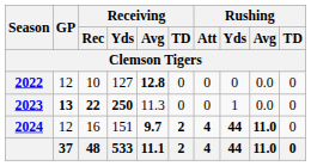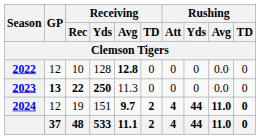 <table class="wikitable" style="text-align:center;">
 <tr>
 <th rowspan="2">Season</th>
 <th rowspan="2">GP</th>
 <th colspan="4">Receiving</th>
 <th colspan="4">Rushing</th>
 </tr>
 <tr>
 <th>Rec</th>
 <th>Yds</th>
 <th>Avg</th>
 <th>TD</th>
 <th>Att</th>
 <th>Yds</th>
 <th>Avg</th>
 <th>TD</th>
 </tr>
 <tr>
 <th colspan="11">Clemson Tigers</th>
 </tr>
 <tr>
 <th><a href='#'>2022</a></th>
 <td>12</td>
 <td>10</td>
-<td>127</td>
+<td>128</td>
 <td><strong>12.8</strong></td>
 <td>0</td>
 <td>0</td>
 <td>0</td>
 <td>0.0</td>
 <td>0</td>
 </tr>
 <tr>
 <th><a href='#'>2023</a></th>
 <td><strong>13</strong></td>
 <td><strong>22</strong></td>
 <td><strong>250</strong></td>
 <td>11.3</td>
 <td>0</td>
 <td>0</td>
-<td>1</td>
+<td>0</td>
 <td>0.0</td>
 <td>0</td>
 </tr>
 <tr>
 <th><a href='#'>2024</a></th>
 <td>12</td>
-<td>16</td>
+<td>19</td>
 <td>151</td>
 <td><strong>9.7</strong></td>
 <td><strong>2</strong></td>
 <td><strong>4</strong></td>
 <td><strong>44</strong></td>
 <td><strong>11.0</strong></td>
-<td>0</td>
+<td><strong>0</strong></td>
 </tr>
 <tr>
 <th></th>
 <th>37</th>
 <th>48</th>
 <th>533</th>
 <th>11.1</th>
 <th>2</th>
 <th>4</th>
 <th>44</th>
 <th>11.0</th>
 <th>0</th>
 </tr>
 </table>
